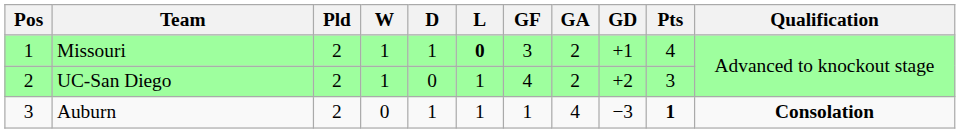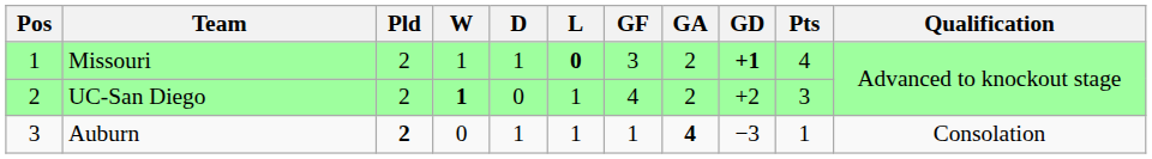 <table class="wikitable" style="text-align:center; margin: 1em auto">
 <tr>
 <th style="width:2em">Pos</th>
 <th style="width:13em">Team</th>
 <th style="width:2em">Pld</th>
 <th style="width:2em">W</th>
 <th style="width:2em">D</th>
 <th style="width:2em">L</th>
 <th style="width:2em">GF</th>
 <th style="width:2em">GA</th>
 <th style="width:2em">GD</th>
 <th style="width:2em">Pts</th>
 <th style="width:13em">Qualification</th>
 </tr>
 <tr bgcolor="#9eff9e">
 <td>1</td>
 <td style="text-align:left">Missouri</td>
 <td>2</td>
 <td>1</td>
 <td>1</td>
 <td><strong>0</strong></td>
 <td>3</td>
 <td>2</td>
-<td>+1</td>
+<td><strong>+1</strong></td>
 <td>4</td>
 <td rowspan="2">Advanced to knockout stage</td>
 </tr>
 <tr bgcolor="#9eff9e">
 <td>2</td>
 <td style="text-align:left">UC-San Diego</td>
 <td>2</td>
-<td>1</td>
+<td><strong>1</strong></td>
 <td>0</td>
 <td>1</td>
 <td>4</td>
 <td>2</td>
 <td>+2</td>
 <td>3</td>
 </tr>
 <tr>
 <td>3</td>
 <td style="text-align:left">Auburn</td>
-<td>2</td>
+<td><strong>2</strong></td>
 <td>0</td>
 <td>1</td>
 <td>1</td>
 <td>1</td>
-<td>4</td>
+<td><strong>4</strong></td>
 <td>−3</td>
-<td><strong>1</strong></td>
-<td><strong>Consolation</strong></td>
+<td>1</td>
+<td>Consolation</td>
 </tr>
 </table>
